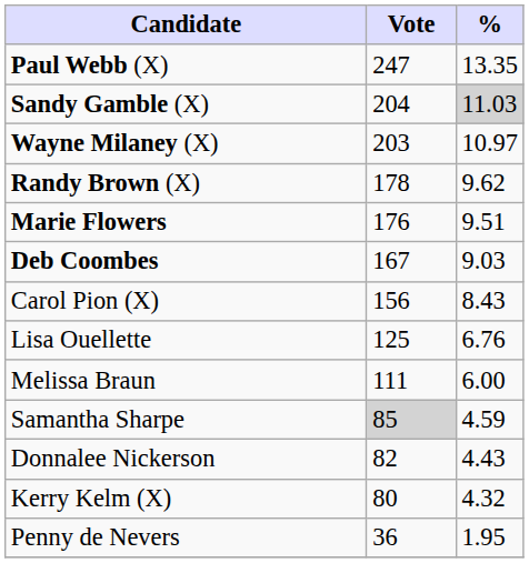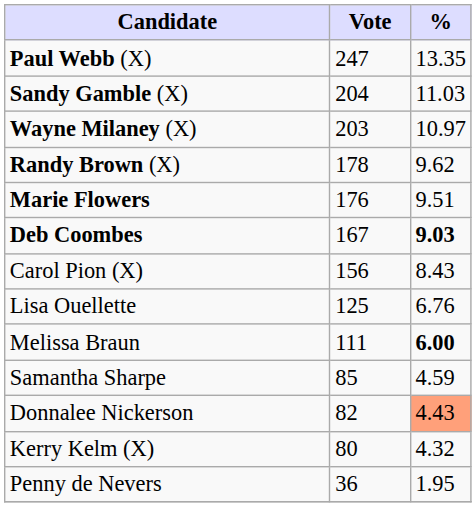 <table class="wikitable">
 <tr>
 <th style="background:#ddf; width:225px;">Candidate</th>
 <th style="background:#ddf; width:50px;">Vote</th>
 <th style="background:#ddf; width:30px;">%</th>
 </tr>
 <tr>
 <td><strong>Paul Webb</strong> (X)</td>
 <td>247</td>
 <td>13.35</td>
 </tr>
 <tr>
 <td><strong>Sandy Gamble</strong> (X)</td>
 <td>204</td>
-<td style="background: lightgrey;">11.03</td>
+<td>11.03</td>
 </tr>
 <tr>
 <td><strong>Wayne Milaney</strong> (X)</td>
 <td>203</td>
 <td>10.97</td>
 </tr>
 <tr>
 <td><strong>Randy Brown</strong> (X)</td>
 <td>178</td>
 <td>9.62</td>
 </tr>
 <tr>
 <td><strong>Marie Flowers</strong></td>
 <td>176</td>
 <td>9.51</td>
 </tr>
 <tr>
 <td><strong>Deb Coombes</strong></td>
 <td>167</td>
-<td>9.03</td>
+<td><strong>9.03</strong></td>
 </tr>
 <tr>
 <td>Carol Pion (X)</td>
 <td>156</td>
 <td>8.43</td>
 </tr>
 <tr>
 <td>Lisa Ouellette</td>
 <td>125</td>
 <td>6.76</td>
 </tr>
 <tr>
 <td>Melissa Braun</td>
 <td>111</td>
-<td>6.00</td>
+<td><strong>6.00</strong></td>
 </tr>
 <tr>
 <td>Samantha Sharpe</td>
-<td style="background: lightgrey;">85</td>
+<td>85</td>
 <td>4.59</td>
 </tr>
 <tr>
 <td>Donnalee Nickerson</td>
 <td>82</td>
-<td>4.43</td>
+<td style="background: lightsalmon;">4.43</td>
 </tr>
 <tr>
 <td>Kerry Kelm (X)</td>
 <td>80</td>
 <td>4.32</td>
 </tr>
 <tr>
 <td>Penny de Nevers</td>
 <td>36</td>
 <td>1.95</td>
 </tr>
 <tr>
 </tr>
 </table>
